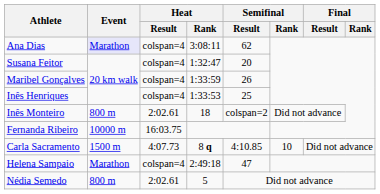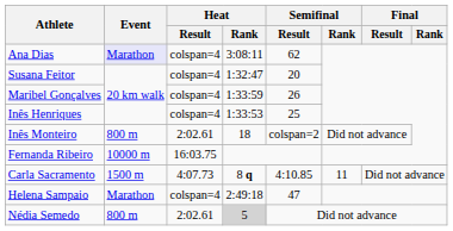 <table class=wikitable style="font-size:90%">
 <tr>
 <th rowspan="2">Athlete</th>
 <th rowspan="2">Event</th>
 <th colspan="2">Heat</th>
 <th colspan="2">Semifinal</th>
 <th colspan="2">Final</th>
 </tr>
 <tr style="font-size:95%">
 <th>Result</th>
 <th>Rank</th>
 <th>Result</th>
 <th>Rank</th>
 <th>Result</th>
 <th>Rank</th>
 </tr>
 <tr align=center>
 <td align=left><a href='#'>Ana Dias</a></td>
 <td align=left style="background: lavender;"><a href='#'>Marathon</a></td>
 <td>colspan=4 </td>
 <td>3:08:11</td>
 <td>62</td>
 </tr>
 <tr align=center>
 <td align=left><a href='#'>Susana Feitor</a></td>
 <td align=left rowspan=3><a href='#'>20 km walk</a></td>
 <td>colspan=4 </td>
 <td>1:32:47</td>
 <td>20</td>
 </tr>
 <tr align=center>
 <td align=left><a href='#'>Maribel Gonçalves</a></td>
 <td>colspan=4 </td>
 <td>1:33:59</td>
 <td>26</td>
 </tr>
 <tr align=center>
 <td align=left><a href='#'>Inês Henriques</a></td>
 <td>colspan=4 </td>
 <td>1:33:53</td>
 <td>25</td>
 </tr>
 <tr align=center>
 <td align=left><a href='#'>Inês Monteiro</a></td>
 <td align=left><a href='#'>800 m</a></td>
 <td>2:02.61</td>
 <td>18</td>
 <td>colspan=2 </td>
 <td colspan=2>Did not advance</td>
 </tr>
 <tr align=center>
 <td align=left><a href='#'>Fernanda Ribeiro</a></td>
 <td align=left><a href='#'>10000 m</a></td>
 <td>16:03.75</td>
 <td colspan=2></td>
 </tr>
 <tr align=center>
 <td align=left><a href='#'>Carla Sacramento</a></td>
 <td align=left><a href='#'>1500 m</a></td>
 <td>4:07.73</td>
 <td>8 <strong>q</strong></td>
 <td>4:10.85</td>
-<td>10</td>
+<td>11</td>
 <td colspan=2>Did not advance</td>
 </tr>
 <tr align=center>
 <td align=left><a href='#'>Helena Sampaio</a></td>
 <td align=left><a href='#'>Marathon</a></td>
 <td>colspan=4 </td>
 <td>2:49:18</td>
 <td>47</td>
 </tr>
 <tr align=center>
 <td align=left><a href='#'>Nédia Semedo</a></td>
 <td align=left><a href='#'>800 m</a></td>
 <td>2:02.61</td>
-<td>5</td>
+<td style="background: lightgrey;">5</td>
 <td colspan=4>Did not advance</td>
 </tr>
 </table>
